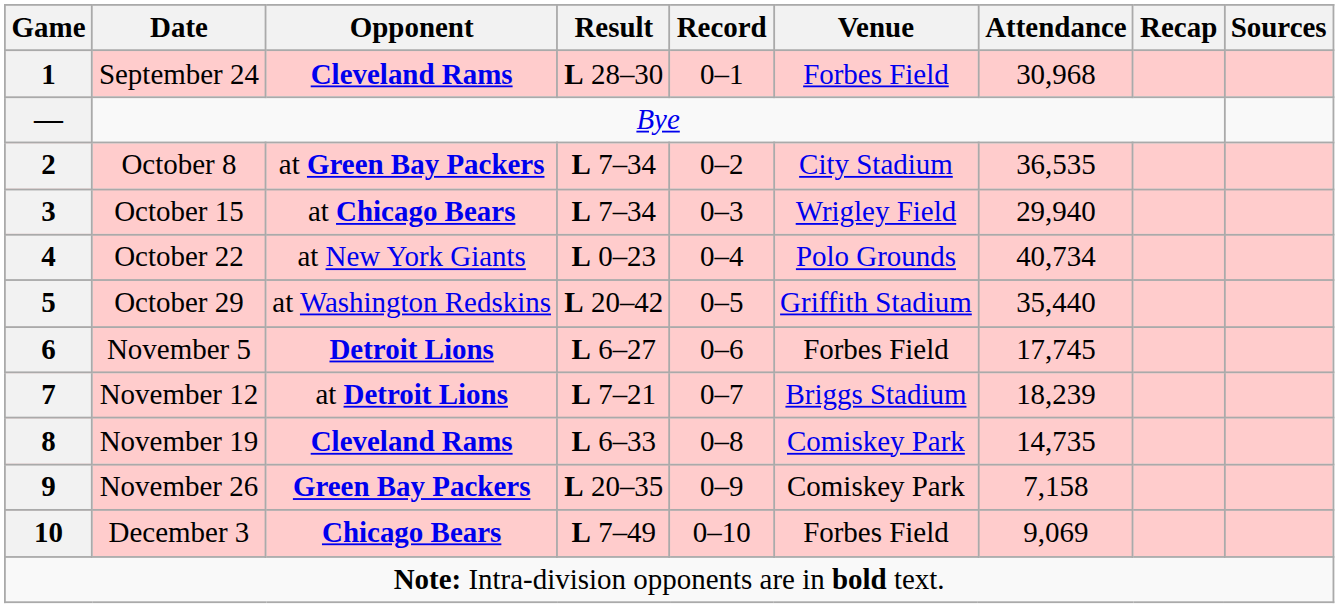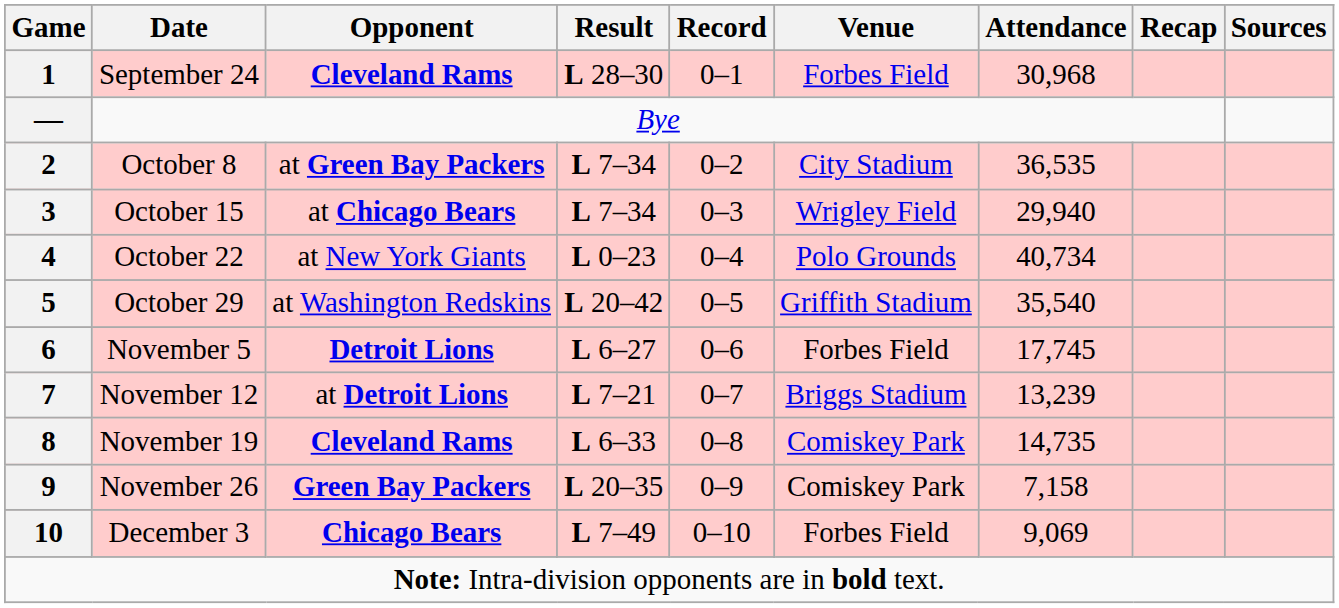 <table class="wikitable" style="text-align:center">
 <tr>
 <th>Game</th>
 <th>Date</th>
 <th>Opponent</th>
 <th>Result</th>
 <th>Record</th>
 <th>Venue</th>
 <th>Attendance</th>
 <th>Recap</th>
 <th>Sources</th>
 </tr>
 <tr style="background:#fcc">
 <th>1</th>
 <td>September 24</td>
 <td><strong><a href='#'>Cleveland Rams</a></strong></td>
 <td><strong>L</strong> 28–30</td>
 <td>0–1</td>
 <td><a href='#'>Forbes Field</a></td>
 <td>30,968</td>
 <td></td>
 <td></td>
 </tr>
 <tr>
 <th>—</th>
 <td colspan="7"><em><a href='#'>Bye</a></em></td>
 </tr>
 <tr style="background:#fcc">
 <th>2</th>
 <td>October 8</td>
 <td>at <strong><a href='#'>Green Bay Packers</a></strong></td>
 <td><strong>L</strong> 7–34</td>
 <td>0–2</td>
 <td><a href='#'>City Stadium</a></td>
 <td>36,535</td>
 <td></td>
 <td></td>
 </tr>
 <tr style="background:#fcc">
 <th>3</th>
 <td>October 15</td>
 <td>at <strong><a href='#'>Chicago Bears</a></strong></td>
 <td><strong>L</strong> 7–34</td>
 <td>0–3</td>
 <td><a href='#'>Wrigley Field</a></td>
 <td>29,940</td>
 <td></td>
 <td></td>
 </tr>
 <tr style="background:#fcc">
 <th>4</th>
 <td>October 22</td>
 <td>at <a href='#'>New York Giants</a></td>
 <td><strong>L</strong> 0–23</td>
 <td>0–4</td>
 <td><a href='#'>Polo Grounds</a></td>
 <td>40,734</td>
 <td></td>
 <td></td>
 </tr>
 <tr style="background:#fcc">
 <th>5</th>
 <td>October 29</td>
 <td>at <a href='#'>Washington Redskins</a></td>
 <td><strong>L</strong> 20–42</td>
 <td>0–5</td>
 <td><a href='#'>Griffith Stadium</a></td>
-<td>35,440</td>
+<td>35,540</td>
 <td></td>
 <td></td>
 </tr>
 <tr style="background:#fcc">
 <th>6</th>
 <td>November 5</td>
 <td><strong><a href='#'>Detroit Lions</a></strong></td>
 <td><strong>L</strong> 6–27</td>
 <td>0–6</td>
 <td>Forbes Field</td>
 <td>17,745</td>
 <td></td>
 <td></td>
 </tr>
 <tr style="background:#fcc">
 <th>7</th>
 <td>November 12</td>
 <td>at <strong><a href='#'>Detroit Lions</a></strong></td>
 <td><strong>L</strong> 7–21</td>
 <td>0–7</td>
 <td><a href='#'>Briggs Stadium</a></td>
-<td>18,239</td>
+<td>13,239</td>
 <td></td>
 <td></td>
 </tr>
 <tr style="background:#fcc">
 <th>8</th>
 <td>November 19</td>
 <td><strong><a href='#'>Cleveland Rams</a></strong></td>
 <td><strong>L</strong> 6–33</td>
 <td>0–8</td>
 <td><a href='#'>Comiskey Park</a></td>
 <td>14,735</td>
 <td></td>
 <td></td>
 </tr>
 <tr style="background:#fcc">
 <th>9</th>
 <td>November 26</td>
 <td><strong><a href='#'>Green Bay Packers</a></strong></td>
 <td><strong>L</strong> 20–35</td>
 <td>0–9</td>
 <td>Comiskey Park</td>
 <td>7,158</td>
 <td></td>
 <td></td>
 </tr>
 <tr style="background:#fcc">
 <th>10</th>
 <td>December 3</td>
 <td><strong><a href='#'>Chicago Bears</a></strong></td>
 <td><strong>L</strong> 7–49</td>
 <td>0–10</td>
 <td>Forbes Field</td>
 <td>9,069</td>
 <td></td>
 <td></td>
 </tr>
 <tr>
 <td colspan="10"><strong>Note:</strong> Intra-division opponents are in <strong>bold</strong> text.</td>
 </tr>
 </table>
